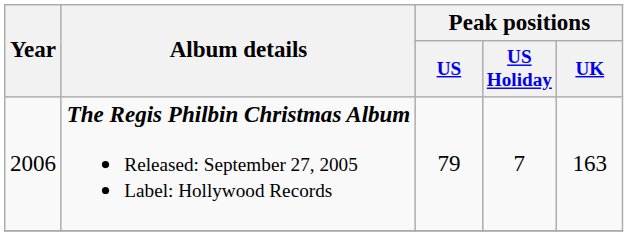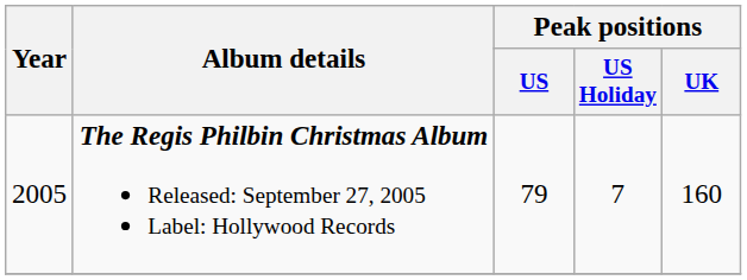 <table class="wikitable" style="text-align:center;">
 <tr>
 <th rowspan="2">Year</th>
 <th rowspan="2">Album details</th>
 <th colspan="3">Peak positions</th>
 </tr>
 <tr style="font-size:smaller;">
 <th width="40"><a href='#'>US</a></th>
 <th width="40"><a href='#'>US Holiday</a></th>
 <th width="40"><a href='#'>UK</a></th>
 </tr>
 <tr>
-<td>2006</td>
+<td>2005</td>
 <td align="left"><strong><em>The Regis Philbin Christmas Album</em></strong><br><ul><li><small>Released: September 27, 2005</small></li><li><small>Label: Hollywood Records</small></li></ul></td>
 <td>79</td>
 <td>7</td>
-<td>163</td>
+<td>160</td>
 </tr>
 <tr>
 </tr>
 </table>
